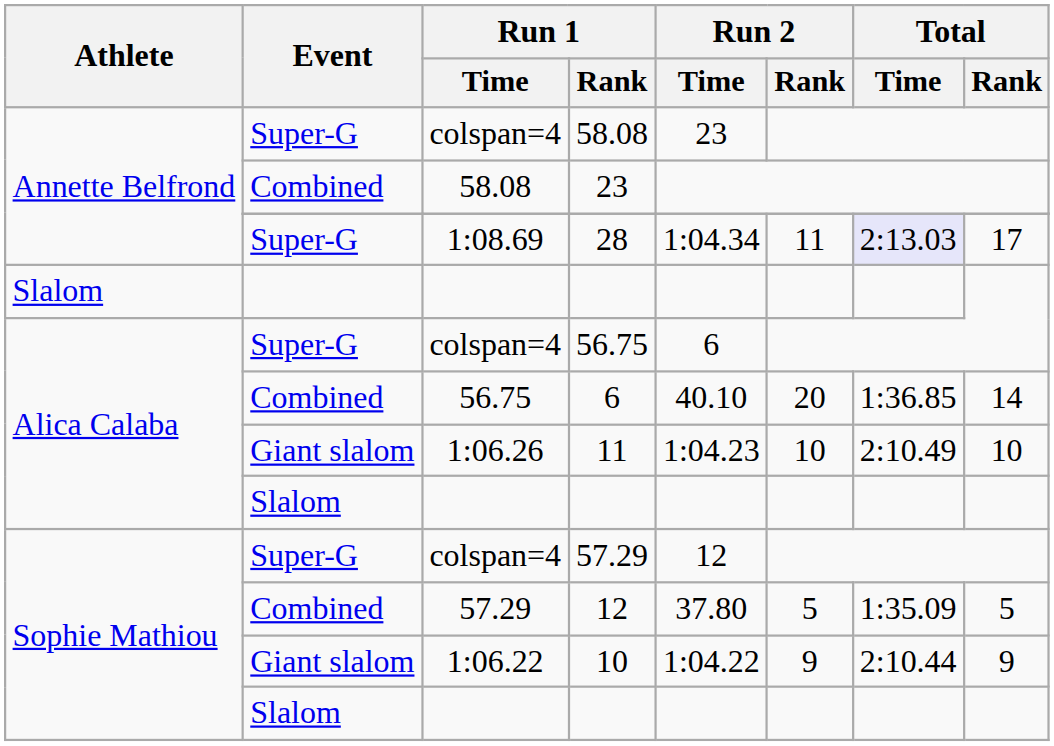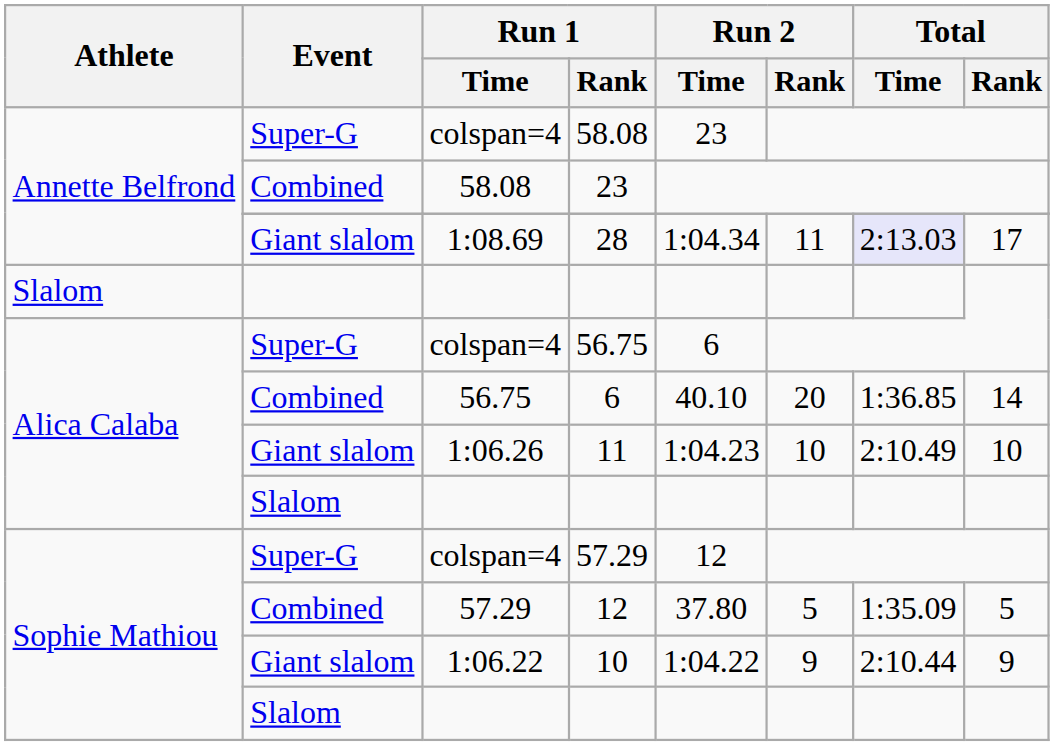 <table class="wikitable" style="font-size:90%">
 <tr>
 <th rowspan=2>Athlete</th>
 <th rowspan=2>Event</th>
 <th colspan=2>Run 1</th>
 <th colspan=2>Run 2</th>
 <th colspan=2>Total</th>
 </tr>
 <tr style="font-size:95%">
 <th>Time</th>
 <th>Rank</th>
 <th>Time</th>
 <th>Rank</th>
 <th>Time</th>
 <th>Rank</th>
 </tr>
 <tr align=center>
 <td align="left" rowspan="4"><a href='#'>Annette Belfrond</a></td>
 <td align="left"><a href='#'>Super-G</a></td>
 <td>colspan=4</td>
 <td>58.08</td>
 <td>23</td>
 </tr>
 <tr align=center>
 <td align="left"><a href='#'>Combined</a></td>
 <td>58.08</td>
 <td>23</td>
 <td colspan=4></td>
 </tr>
 <tr>
 </tr>
 <tr align=center>
-<td align="left"><a href='#'>Super-G</a></td>
+<td align="left"><a href='#'>Giant slalom</a></td>
 <td>1:08.69</td>
 <td>28</td>
 <td>1:04.34</td>
 <td>11</td>
 <td style="background: lavender;">2:13.03</td>
 <td>17</td>
 </tr>
 <tr>
 <td align="left"><a href='#'>Slalom</a></td>
 <td></td>
 <td></td>
 <td></td>
 <td></td>
 <td></td>
 <td></td>
 </tr>
 <tr align=center>
 <td align="left" rowspan="4"><a href='#'>Alica Calaba</a></td>
 <td align="left"><a href='#'>Super-G</a></td>
 <td>colspan=4</td>
 <td>56.75</td>
 <td>6</td>
 </tr>
 <tr align=center>
 <td align="left"><a href='#'>Combined</a></td>
 <td>56.75</td>
 <td>6</td>
 <td>40.10</td>
 <td>20</td>
 <td>1:36.85</td>
 <td>14</td>
 </tr>
 <tr align=center>
 <td align="left"><a href='#'>Giant slalom</a></td>
 <td>1:06.26</td>
 <td>11</td>
 <td>1:04.23</td>
 <td>10</td>
 <td>2:10.49</td>
 <td>10</td>
 </tr>
 <tr>
 <td align="left"><a href='#'>Slalom</a></td>
 <td></td>
 <td></td>
 <td></td>
 <td></td>
 <td></td>
 <td></td>
 </tr>
 <tr align=center>
 <td align="left" rowspan="4"><a href='#'>Sophie Mathiou</a></td>
 <td align="left"><a href='#'>Super-G</a></td>
 <td>colspan=4</td>
 <td>57.29</td>
 <td>12</td>
 </tr>
 <tr align=center>
 <td align="left"><a href='#'>Combined</a></td>
 <td>57.29</td>
 <td>12</td>
 <td>37.80</td>
 <td>5</td>
 <td>1:35.09</td>
 <td>5</td>
 </tr>
 <tr align=center>
 <td align="left"><a href='#'>Giant slalom</a></td>
 <td>1:06.22</td>
 <td>10</td>
 <td>1:04.22</td>
 <td>9</td>
 <td>2:10.44</td>
 <td>9</td>
 </tr>
 <tr>
 <td align="left"><a href='#'>Slalom</a></td>
 <td></td>
 <td></td>
 <td></td>
 <td></td>
 <td></td>
 <td></td>
 </tr>
 </table>
